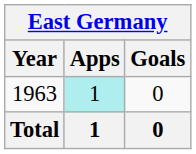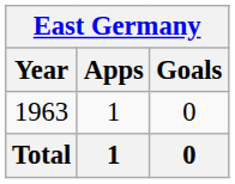 <table class="wikitable" style="text-align:center">
 <tr>
 <th colspan=3><a href='#'>East Germany</a></th>
 </tr>
 <tr>
 <th>Year</th>
 <th>Apps</th>
 <th>Goals</th>
 </tr>
 <tr>
 <td>1963</td>
-<td style="background: paleturquoise;">1</td>
+<td>1</td>
 <td>0</td>
 </tr>
 <tr>
 <th>Total</th>
 <th>1</th>
 <th>0</th>
 </tr>
 </table>
